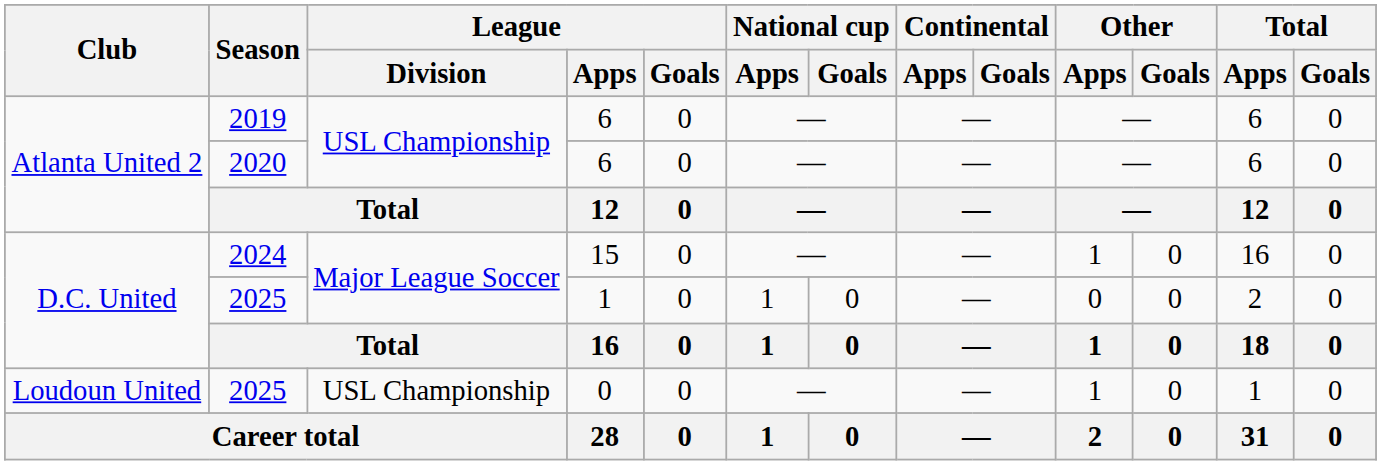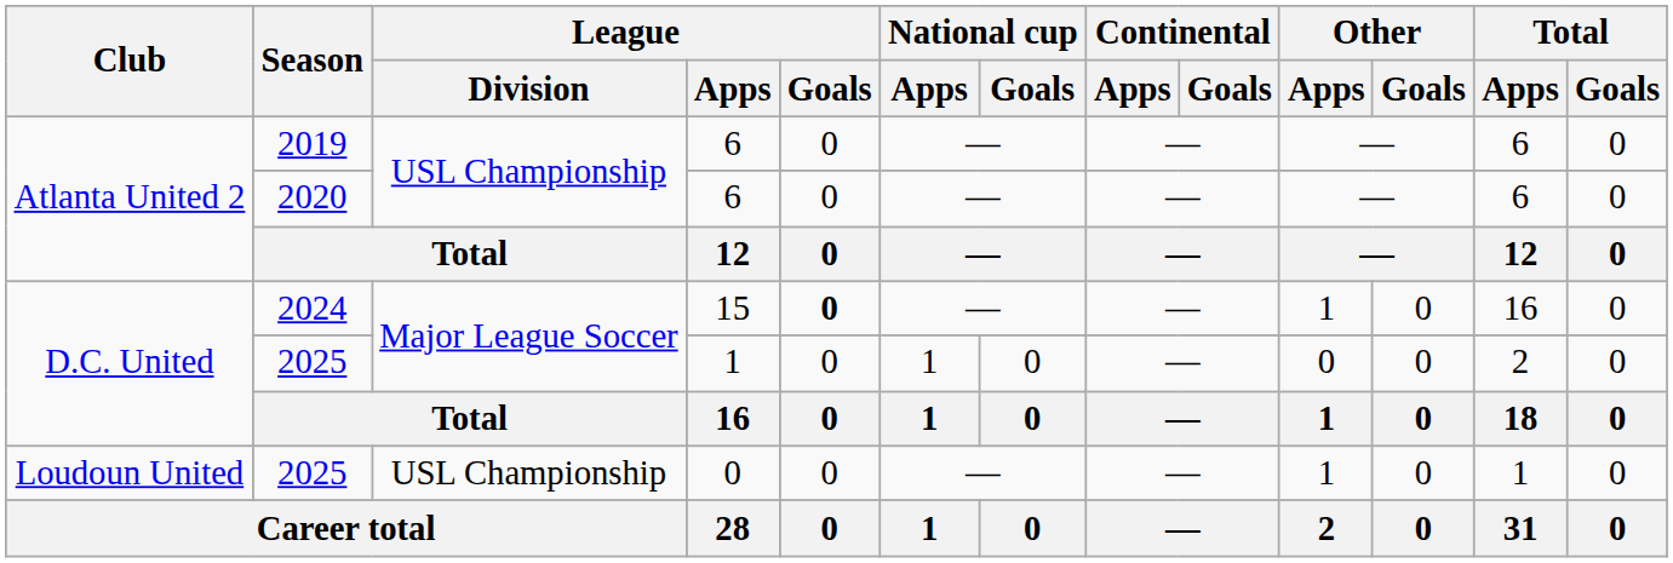 <table class="wikitable" style="text-align:center">
 <tr>
 <th rowspan="2">Club</th>
 <th rowspan="2">Season</th>
 <th colspan="3">League</th>
 <th colspan="2">National cup</th>
 <th colspan="2">Continental</th>
 <th colspan="2">Other</th>
 <th colspan="2">Total</th>
 </tr>
 <tr>
 <th>Division</th>
 <th>Apps</th>
 <th>Goals</th>
 <th>Apps</th>
 <th>Goals</th>
 <th>Apps</th>
 <th>Goals</th>
 <th>Apps</th>
 <th>Goals</th>
 <th>Apps</th>
 <th>Goals</th>
 </tr>
 <tr>
 <td rowspan="3"><a href='#'>Atlanta United 2</a></td>
 <td><a href='#'>2019</a></td>
 <td rowspan="2"><a href='#'>USL Championship</a></td>
 <td>6</td>
 <td>0</td>
 <td colspan="2">—</td>
 <td colspan="2">—</td>
 <td colspan="2">—</td>
 <td>6</td>
 <td>0</td>
 </tr>
 <tr>
 <td><a href='#'>2020</a></td>
 <td>6</td>
 <td>0</td>
 <td colspan="2">—</td>
 <td colspan="2">—</td>
 <td colspan="2">—</td>
 <td>6</td>
 <td>0</td>
 </tr>
 <tr>
 <th colspan="2">Total</th>
 <th>12</th>
 <th>0</th>
 <th colspan="2">—</th>
 <th colspan="2">—</th>
 <th colspan="2">—</th>
 <th>12</th>
 <th>0</th>
 </tr>
 <tr>
 <td rowspan="3"><a href='#'>D.C. United</a></td>
 <td><a href='#'>2024</a></td>
 <td rowspan="2"><a href='#'>Major League Soccer</a></td>
 <td>15</td>
-<td>0</td>
+<td><strong>0</strong></td>
 <td colspan="2">—</td>
 <td colspan="2">—</td>
 <td>1</td>
 <td>0</td>
 <td>16</td>
 <td>0</td>
 </tr>
 <tr>
 <td><a href='#'>2025</a></td>
 <td>1</td>
 <td>0</td>
 <td>1</td>
 <td>0</td>
 <td colspan="2">—</td>
 <td>0</td>
 <td>0</td>
 <td>2</td>
 <td>0</td>
 </tr>
 <tr>
 <th colspan="2">Total</th>
 <th>16</th>
 <th>0</th>
 <th>1</th>
 <th>0</th>
 <th colspan="2">—</th>
 <th>1</th>
 <th>0</th>
 <th>18</th>
 <th>0</th>
 </tr>
 <tr>
 <td><a href='#'>Loudoun United</a></td>
 <td><a href='#'>2025</a></td>
 <td>USL Championship</td>
 <td>0</td>
 <td>0</td>
 <td colspan="2">—</td>
 <td colspan="2">—</td>
 <td>1</td>
 <td>0</td>
 <td>1</td>
 <td>0</td>
 </tr>
 <tr>
 <th colspan="3">Career total</th>
 <th>28</th>
 <th>0</th>
 <th>1</th>
 <th>0</th>
 <th colspan="2">—</th>
 <th>2</th>
 <th>0</th>
 <th>31</th>
 <th>0</th>
 </tr>
 </table>
